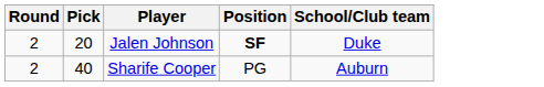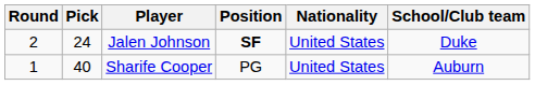 <table class="wikitable sortable sortable">
 <tr>
 <th>Round</th>
 <th>Pick</th>
 <th>Player</th>
 <th>Position</th>
+<th>Nationality</th>
 <th>School/Club team</th>
 </tr>
 <tr style="text-align: center">
 <td>2</td>
-<td>20</td>
+<td>24</td>
 <td><a href='#'>Jalen Johnson</a></td>
 <td><strong>SF</strong></td>
+<td><a href='#'>United States</a></td>
 <td><a href='#'>Duke</a></td>
 </tr>
 <tr style="text-align: center">
-<td>2</td>
+<td>1</td>
 <td>40</td>
 <td><a href='#'>Sharife Cooper</a></td>
 <td>PG</td>
+<td><a href='#'>United States</a></td>
 <td><a href='#'>Auburn</a></td>
 </tr>
 </table>
